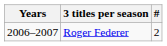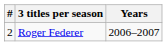 <table class=wikitable style="display:inline-table;">
 <tr>
+<th>#</th>
+<th>3 titles per season</th>
 <th>Years</th>
-<th>3 titles per season</th>
-<th>#</th>
 </tr>
 <tr>
+<td>2</td>
+<td> <a href='#'>Roger Federer</a></td>
 <td>2006–2007</td>
-<td> <a href='#'>Roger Federer</a></td>
-<td>2</td>
 </tr>
 </table>
